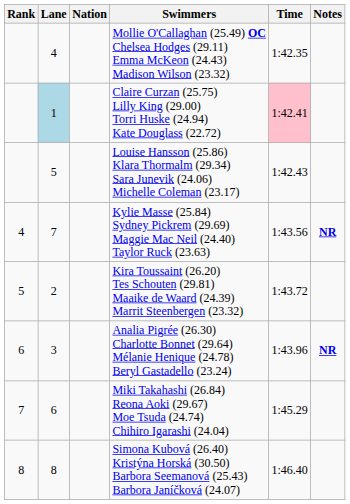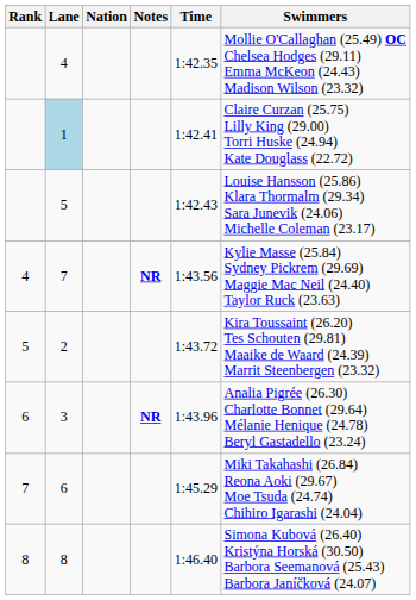 <table class="wikitable sortable" style="text-align:center">
 <tr>
 <th>Rank</th>
 <th>Lane</th>
 <th>Nation</th>
+<th>Notes</th>
+<th>Time</th>
 <th>Swimmers</th>
-<th>Time</th>
-<th>Notes</th>
 </tr>
 <tr>
 <td></td>
 <td>4</td>
 <td align=left></td>
+<td></td>
+<td>1:42.35</td>
 <td align=left><a href='#'>Mollie O'Callaghan</a> (25.49) <a href='#'><strong>OC</strong></a><br><a href='#'>Chelsea Hodges</a> (29.11)<br><a href='#'>Emma McKeon</a> (24.43)<br><a href='#'>Madison Wilson</a> (23.32)</td>
-<td>1:42.35</td>
-<td></td>
 </tr>
 <tr>
 <td></td>
 <td style="background: lightblue;">1</td>
 <td align=left></td>
+<td></td>
+<td>1:42.41</td>
 <td align=left><a href='#'>Claire Curzan</a> (25.75)<br><a href='#'>Lilly King</a> (29.00)<br><a href='#'>Torri Huske</a> (24.94)<br><a href='#'>Kate Douglass</a> (22.72)</td>
-<td style="background: pink;">1:42.41</td>
-<td></td>
 </tr>
 <tr>
 <td></td>
 <td>5</td>
 <td align=left></td>
+<td></td>
+<td>1:42.43</td>
 <td align=left><a href='#'>Louise Hansson</a> (25.86)<br><a href='#'>Klara Thormalm</a> (29.34)<br><a href='#'>Sara Junevik</a> (24.06)<br><a href='#'>Michelle Coleman</a> (23.17)</td>
-<td>1:42.43</td>
-<td></td>
 </tr>
 <tr>
 <td>4</td>
 <td>7</td>
 <td align=left></td>
+<td><strong><a href='#'>NR</a></strong></td>
+<td>1:43.56</td>
 <td align=left><a href='#'>Kylie Masse</a> (25.84)<br><a href='#'>Sydney Pickrem</a> (29.69)<br><a href='#'>Maggie Mac Neil</a> (24.40)<br><a href='#'>Taylor Ruck</a> (23.63)</td>
-<td>1:43.56</td>
-<td><strong><a href='#'>NR</a></strong></td>
 </tr>
 <tr>
 <td>5</td>
 <td>2</td>
 <td align=left></td>
+<td></td>
+<td>1:43.72</td>
 <td align=left><a href='#'>Kira Toussaint</a> (26.20)<br><a href='#'>Tes Schouten</a> (29.81)<br><a href='#'>Maaike de Waard</a> (24.39)<br><a href='#'>Marrit Steenbergen</a> (23.32)</td>
-<td>1:43.72</td>
-<td></td>
 </tr>
 <tr>
 <td>6</td>
 <td>3</td>
 <td align=left></td>
+<td><strong><a href='#'>NR</a></strong></td>
+<td>1:43.96</td>
 <td align=left><a href='#'>Analia Pigrée</a> (26.30)<br><a href='#'>Charlotte Bonnet</a> (29.64)<br><a href='#'>Mélanie Henique</a> (24.78)<br><a href='#'>Beryl Gastadello</a> (23.24)</td>
-<td>1:43.96</td>
-<td><strong><a href='#'>NR</a></strong></td>
 </tr>
 <tr>
 <td>7</td>
 <td>6</td>
 <td align=left></td>
+<td></td>
+<td>1:45.29</td>
 <td align=left><a href='#'>Miki Takahashi</a> (26.84)<br><a href='#'>Reona Aoki</a> (29.67)<br><a href='#'>Moe Tsuda</a> (24.74)<br><a href='#'>Chihiro Igarashi</a> (24.04)</td>
-<td>1:45.29</td>
-<td></td>
 </tr>
 <tr>
 <td>8</td>
 <td>8</td>
 <td align=left></td>
+<td></td>
+<td>1:46.40</td>
 <td align=left><a href='#'>Simona Kubová</a> (26.40)<br><a href='#'>Kristýna Horská</a> (30.50)<br><a href='#'>Barbora Seemanová</a> (25.43)<br><a href='#'>Barbora Janíčková</a> (24.07)</td>
-<td>1:46.40</td>
-<td></td>
 </tr>
 </table>
